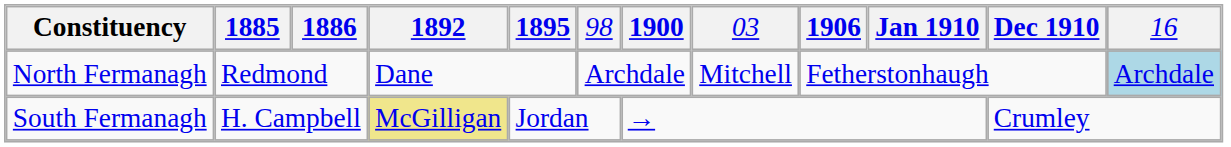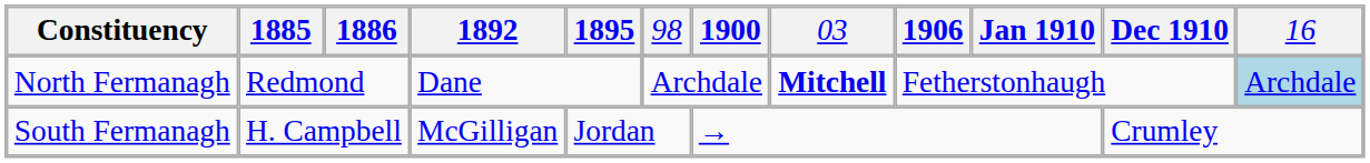 <table class="wikitable" style="border-collapse: separate; border-spacing: 0;">
 <tr>
 <th>Constituency</th>
 <th><a href='#'>1885</a></th>
 <th><a href='#'>1886</a></th>
 <th><a href='#'>1892</a></th>
 <th><a href='#'>1895</a></th>
 <th style="font-weight: normal;"><em><a href='#'>98</a></em></th>
 <th><a href='#'>1900</a></th>
 <th style="font-weight: normal;"><em><a href='#'>03</a></em></th>
 <th><a href='#'>1906</a></th>
 <th><a href='#'>Jan 1910</a></th>
 <th><a href='#'>Dec 1910</a></th>
 <th style="font-weight: normal;"><em><a href='#'>16</a></em></th>
 </tr>
 <tr>
 <td><a href='#'>North Fermanagh</a></td>
 <td colspan="2"><a href='#'>Redmond</a></td>
 <td colspan="2"><a href='#'>Dane</a></td>
 <td colspan="2"><a href='#'>Archdale</a></td>
-<td><a href='#'>Mitchell</a></td>
+<td><strong><a href='#'>Mitchell</a></strong></td>
 <td colspan="3"><a href='#'>Fetherstonhaugh</a></td>
 <td style="background: lightblue;"><a href='#'>Archdale</a></td>
 </tr>
 <tr>
 <td><a href='#'>South Fermanagh</a></td>
 <td colspan="2"><a href='#'>H. Campbell</a></td>
-<td style="background: khaki;"><a href='#'>McGilligan</a></td>
+<td><a href='#'>McGilligan</a></td>
 <td colspan="2"><a href='#'>Jordan</a></td>
 <td colspan="4"><a href='#'>→</a></td>
 <td colspan="2"><a href='#'>Crumley</a></td>
 </tr>
 </table>
